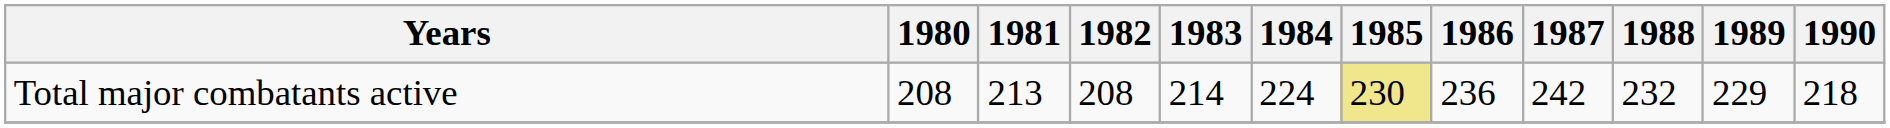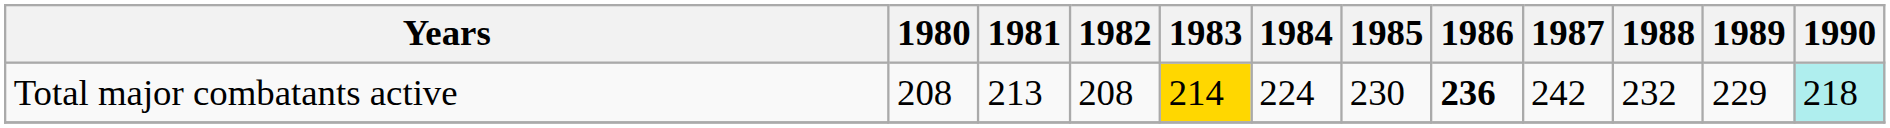 <table class="wikitable">
 <tr>
 <th style="width:47%;">Years</th>
 <th>1980</th>
 <th>1981</th>
 <th>1982</th>
 <th>1983</th>
 <th>1984</th>
 <th>1985</th>
 <th>1986</th>
 <th>1987</th>
 <th>1988</th>
 <th>1989</th>
 <th>1990</th>
 </tr>
 <tr valign="top">
 <td>Total major combatants active</td>
 <td>208</td>
 <td>213</td>
 <td>208</td>
-<td>214</td>
+<td style="background: gold;">214</td>
 <td>224</td>
-<td style="background: khaki;">230</td>
-<td>236</td>
+<td>230</td>
+<td><strong>236</strong></td>
 <td>242</td>
 <td>232</td>
 <td>229</td>
-<td>218</td>
+<td style="background: paleturquoise;">218</td>
 </tr>
 <tr>
 </tr>
 </table>
